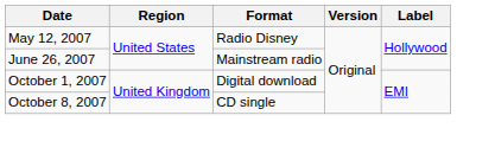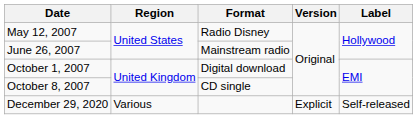 <table class="wikitable">
 <tr>
 <th>Date</th>
 <th>Region</th>
 <th>Format</th>
 <th>Version</th>
 <th>Label</th>
 </tr>
 <tr>
 <td>May 12, 2007</td>
 <td rowspan="3"><a href='#'>United States</a></td>
 <td>Radio Disney</td>
 <td rowspan="5">Original</td>
 <td rowspan="3"><a href='#'>Hollywood</a></td>
 </tr>
 <tr>
 <td rowspan="2">June 26, 2007</td>
 <td>Mainstream radio</td>
 </tr>
 <tr>
 <td rowspan="2">Digital download</td>
 </tr>
 <tr>
 <td>October 1, 2007</td>
 <td rowspan="2"><a href='#'>United Kingdom</a></td>
 <td rowspan="2"><a href='#'>EMI</a></td>
 </tr>
 <tr>
 <td>October 8, 2007</td>
 <td>CD single</td>
 </tr>
+<tr>
+<td>December 29, 2020</td>
+<td>Various</td>
+<td></td>
+<td>Explicit</td>
+<td>Self-released</td>
+</tr>
 </table>
